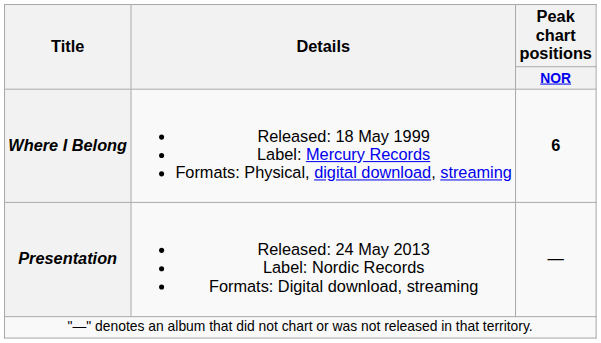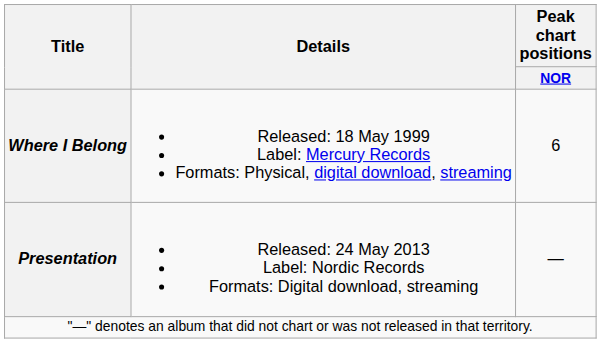 <table class="wikitable plainrowheaders" style="text-align: center;">
 <tr>
 <th scope="col" rowspan="2">Title</th>
 <th scope="col" rowspan="2">Details</th>
 <th colspan="1" scope="col">Peak chart positions</th>
 </tr>
 <tr>
 <th scope="col" style="width:3em;font-size:85%;"><a href='#'>NOR</a><br></th>
 </tr>
 <tr>
 <th scope="row"><em>Where I Belong</em></th>
 <td><br><ul><li>Released: 18 May 1999</li><li>Label: <a href='#'>Mercury Records</a></li><li>Formats: Physical, <a href='#'>digital download</a>, <a href='#'>streaming</a></li></ul></td>
-<td><strong>6</strong></td>
+<td>6</td>
 </tr>
 <tr>
 <th scope="row"><em>Presentation</em></th>
 <td><br><ul><li>Released: 24 May 2013</li><li>Label: Nordic Records</li><li>Formats: Digital download, streaming</li></ul></td>
 <td>—</td>
 </tr>
 <tr>
 <td colspan="4" style="font-size:85%">"—" denotes an album that did not chart or was not released in that territory.</td>
 </tr>
 </table>
